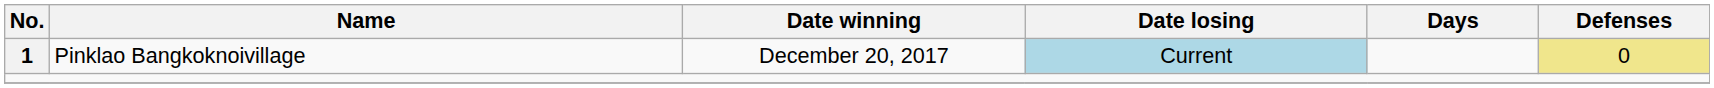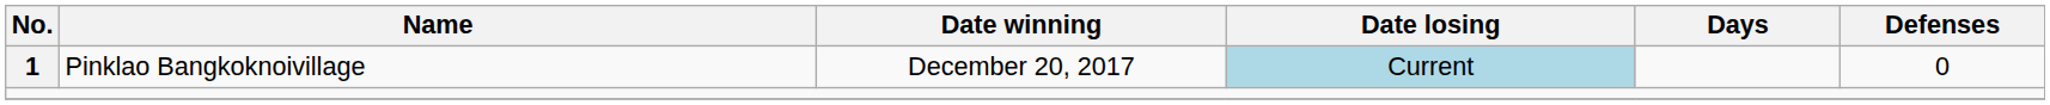 <table class="wikitable" width=100%>
 <tr>
 <th style="width:1%;">No.</th>
 <th style="width:37%;">Name</th>
 <th style="width:20%;">Date winning</th>
 <th style="width:20%;">Date losing</th>
 <th data-sort-type="number" style="width:10%;">Days</th>
 <th data-sort-type="number" style="width:10%;">Defenses</th>
 </tr>
 <tr align=center>
 <th>1</th>
 <td align=left> Pinklao Bangkoknoivillage</td>
 <td>December 20, 2017</td>
 <td style="background: lightblue;">Current</td>
 <td></td>
-<td style="background: khaki;">0</td>
+<td>0</td>
 </tr>
 <tr>
 <td colspan="6"></td>
 </tr>
 <tr>
 </tr>
 </table>
